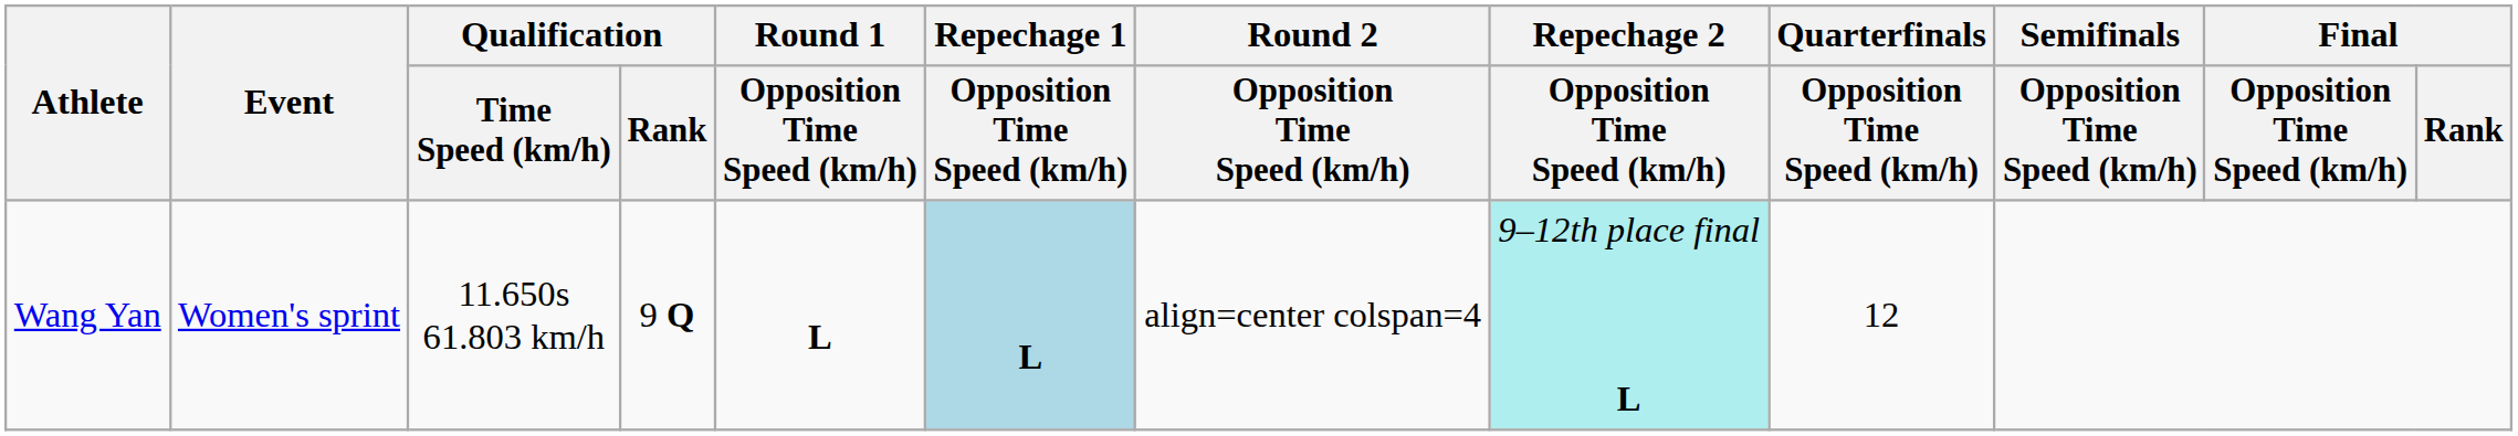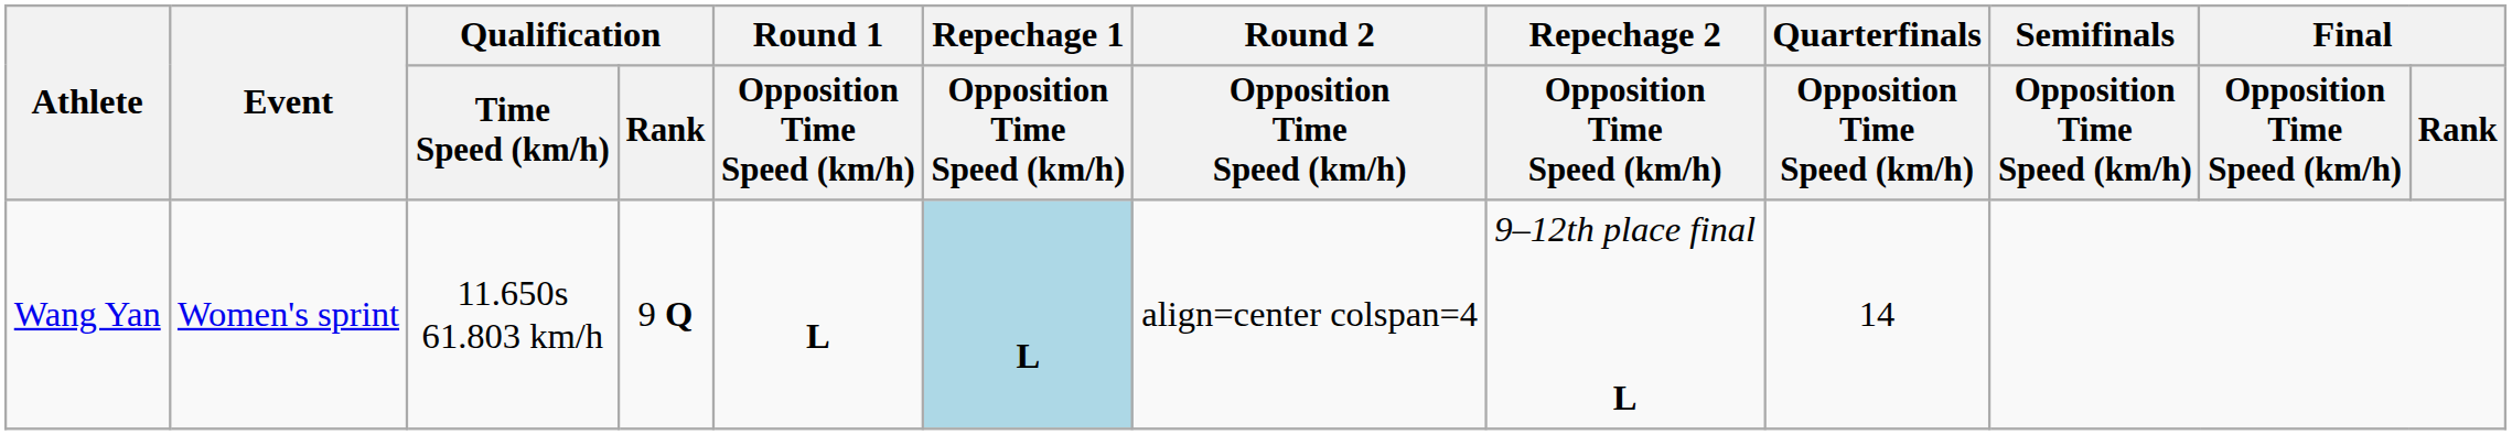 <table class="wikitable" style="font-size:90%">
 <tr>
 <th rowspan="2">Athlete</th>
 <th rowspan="2">Event</th>
 <th colspan=2>Qualification</th>
 <th>Round 1</th>
 <th>Repechage 1</th>
 <th>Round 2</th>
 <th>Repechage 2</th>
 <th>Quarterfinals</th>
 <th>Semifinals</th>
 <th colspan=2>Final</th>
 </tr>
 <tr style="font-size:95%">
 <th>Time<br>Speed (km/h)</th>
 <th>Rank</th>
 <th>Opposition<br>Time<br>Speed (km/h)</th>
 <th>Opposition<br>Time<br>Speed (km/h)</th>
 <th>Opposition<br>Time<br>Speed (km/h)</th>
 <th>Opposition<br>Time<br>Speed (km/h)</th>
 <th>Opposition<br>Time<br>Speed (km/h)</th>
 <th>Opposition<br>Time<br>Speed (km/h)</th>
 <th>Opposition<br>Time<br>Speed (km/h)</th>
 <th>Rank</th>
 </tr>
 <tr>
 <td align=left><a href='#'>Wang Yan</a></td>
 <td align=left><a href='#'>Women's sprint</a></td>
 <td align=center>11.650s<br>61.803 km/h</td>
 <td align=center>9 <strong>Q</strong></td>
 <td align=center><br><strong>L</strong></td>
 <td align=center style="background: lightblue;"><br> <br> <strong>L</strong></td>
 <td>align=center colspan=4 </td>
-<td align=center style="background: paleturquoise;"><em>9–12th place final</em><br><br><br><br><strong>L</strong></td>
-<td align=center>12</td>
+<td align=center><em>9–12th place final</em><br><br><br><br><strong>L</strong></td>
+<td align=center>14</td>
 </tr>
 </table>
